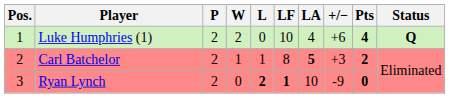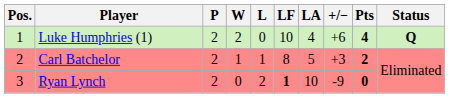 <table class="wikitable" style="text-align:center; margin: 1em auto 1em auto, align:left">
 <tr>
 <th width=20>Pos.</th>
 <th width=185>Player</th>
 <th width=20>P</th>
 <th width=20>W</th>
 <th width=20>L</th>
 <th width=20>LF</th>
 <th width=20>LA</th>
 <th width=25>+/−</th>
 <th width=20>Pts</th>
 <th width=70>Status</th>
 </tr>
 <tr style="background:#D0F0C0;">
 <td>1</td>
 <td align=left> <a href='#'>Luke Humphries</a> (1)</td>
 <td>2</td>
 <td>2</td>
 <td>0</td>
 <td>10</td>
 <td>4</td>
 <td>+6</td>
 <td><strong>4</strong></td>
 <td rowspan=1><strong>Q</strong></td>
 </tr>
 <tr style="background:#FF8888;">
 <td>2</td>
 <td align=left> <a href='#'>Carl Batchelor</a></td>
 <td>2</td>
 <td>1</td>
 <td>1</td>
 <td>8</td>
-<td><strong>5</strong></td>
+<td>5</td>
 <td>+3</td>
 <td><strong>2</strong></td>
 <td rowspan=2>Eliminated</td>
 </tr>
 <tr style="background:#FF8888;">
 <td>3</td>
 <td align=left> <a href='#'>Ryan Lynch</a></td>
 <td>2</td>
 <td>0</td>
-<td><strong>2</strong></td>
+<td>2</td>
 <td><strong>1</strong></td>
 <td>10</td>
 <td>-9</td>
 <td><strong>0</strong></td>
 </tr>
 </table>
